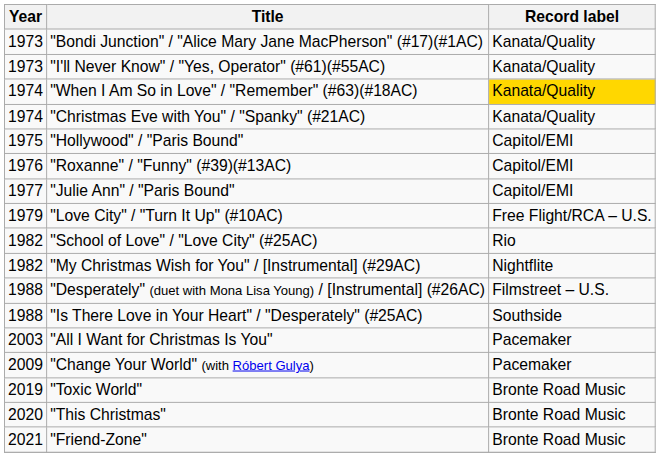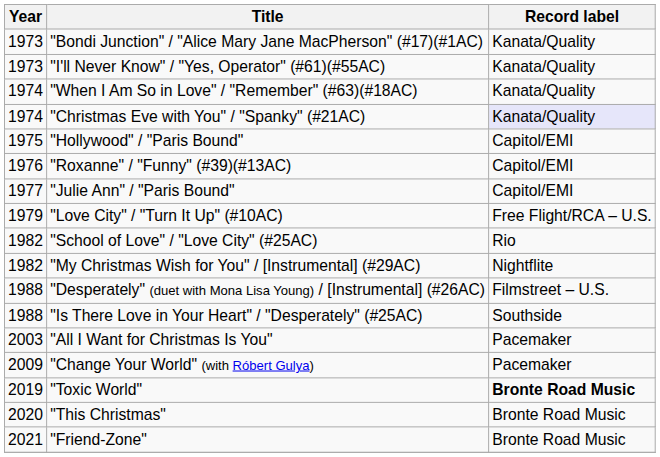 <table class="wikitable">
 <tr>
 <th>Year</th>
 <th>Title</th>
 <th>Record label</th>
 </tr>
 <tr>
 <td>1973</td>
 <td>"Bondi Junction" / "Alice Mary Jane MacPherson" (#17)(#1AC)</td>
 <td>Kanata/Quality</td>
 </tr>
 <tr>
 <td>1973</td>
 <td>"I'll Never Know" / "Yes, Operator" (#61)(#55AC)</td>
 <td>Kanata/Quality</td>
 </tr>
 <tr>
 <td>1974</td>
 <td>"When I Am So in Love" / "Remember" (#63)(#18AC)</td>
-<td style="background: gold;">Kanata/Quality</td>
+<td>Kanata/Quality</td>
 </tr>
 <tr>
 <td>1974</td>
 <td>"Christmas Eve with You" / "Spanky" (#21AC)</td>
-<td>Kanata/Quality</td>
+<td style="background: lavender;">Kanata/Quality</td>
 </tr>
 <tr>
 <td>1975</td>
 <td>"Hollywood" / "Paris Bound"</td>
 <td>Capitol/EMI</td>
 </tr>
 <tr>
 <td>1976</td>
 <td>"Roxanne" / "Funny" (#39)(#13AC)</td>
 <td>Capitol/EMI</td>
 </tr>
 <tr>
 <td>1977</td>
 <td>"Julie Ann" / "Paris Bound"</td>
 <td>Capitol/EMI</td>
 </tr>
 <tr>
 <td>1979</td>
 <td>"Love City" / "Turn It Up" (#10AC)</td>
 <td>Free Flight/RCA – U.S.</td>
 </tr>
 <tr>
 <td>1982</td>
 <td>"School of Love" / "Love City" (#25AC)</td>
 <td>Rio</td>
 </tr>
 <tr>
 <td>1982</td>
 <td>"My Christmas Wish for You" / [Instrumental] (#29AC)</td>
 <td>Nightflite</td>
 </tr>
 <tr>
 <td>1988</td>
 <td>"Desperately" <small>(duet with Mona Lisa Young)</small> / [Instrumental] (#26AC)</td>
 <td>Filmstreet – U.S.</td>
 </tr>
 <tr>
 <td>1988</td>
 <td>"Is There Love in Your Heart" / "Desperately" (#25AC)</td>
 <td>Southside</td>
 </tr>
 <tr>
 <td>2003</td>
 <td>"All I Want for Christmas Is You"</td>
 <td>Pacemaker</td>
 </tr>
 <tr>
 <td>2009</td>
 <td>"Change Your World" <small>(with <a href='#'>Róbert Gulya</a>)</small></td>
 <td>Pacemaker</td>
 </tr>
 <tr>
 <td>2019</td>
 <td>"Toxic World"</td>
-<td>Bronte Road Music</td>
+<td><strong>Bronte Road Music</strong></td>
 </tr>
 <tr>
 <td>2020</td>
 <td>"This Christmas"</td>
 <td>Bronte Road Music</td>
 </tr>
 <tr>
 <td>2021</td>
 <td>"Friend-Zone"</td>
 <td>Bronte Road Music</td>
 </tr>
 <tr>
 </tr>
 </table>
